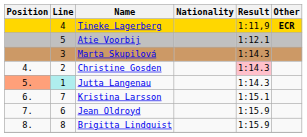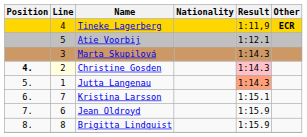 <table class="wikitable sortable" style="text-align:center">
 <tr>
 <th>Position</th>
 <th>Line</th>
 <th>Name</th>
 <th>Nationality</th>
 <th>Result</th>
 <th>Other</th>
 </tr>
 <tr bgcolor=gold>
 <td></td>
 <td>4</td>
 <td align=left><a href='#'>Tineke Lagerberg</a></td>
 <td align=left></td>
 <td align=right>1:11,9</td>
 <td><strong>ECR</strong></td>
 </tr>
 <tr bgcolor=silver>
 <td></td>
 <td>5</td>
 <td align=left><a href='#'>Atie Voorbij</a></td>
 <td align=left></td>
 <td align=right>1:12.1</td>
 <td></td>
 </tr>
 <tr bgcolor=cc9966>
 <td></td>
 <td>3</td>
 <td align=left><a href='#'>Marta Skupilová</a></td>
 <td align=left></td>
 <td align=right>1:14.3</td>
 <td></td>
 </tr>
 <tr>
-<td>4.</td>
-<td>2</td>
+<td><strong>4.</strong></td>
+<td style="background: lightyellow;">2</td>
 <td align=left><a href='#'>Christine Gosden</a></td>
 <td align=left></td>
 <td align=right style="background: pink;">1:14.3</td>
 <td></td>
 </tr>
 <tr>
-<td style="background: lightsalmon;">5.</td>
-<td style="background: paleturquoise;">1</td>
+<td>5.</td>
+<td>1</td>
 <td align=left><a href='#'>Jutta Langenau</a></td>
 <td align=left></td>
-<td align=right>1:14.3</td>
+<td align=right style="background: lightsalmon;">1:14.3</td>
 <td></td>
 </tr>
 <tr>
 <td>6.</td>
 <td>7</td>
 <td align=left><a href='#'>Kristina Larsson</a></td>
 <td align=left></td>
 <td align=right>1:15.1</td>
 <td></td>
 </tr>
 <tr>
 <td>7.</td>
 <td>6</td>
 <td align=left><a href='#'>Jean Oldroyd</a></td>
 <td align=left></td>
 <td align=right>1:15.9</td>
 <td></td>
 </tr>
 <tr>
 <td>8.</td>
 <td>8</td>
 <td align=left><a href='#'>Brigitta Lindquist</a></td>
 <td align=left></td>
 <td align=right>1:15.9</td>
 <td></td>
 </tr>
 <tr>
 </tr>
 </table>
